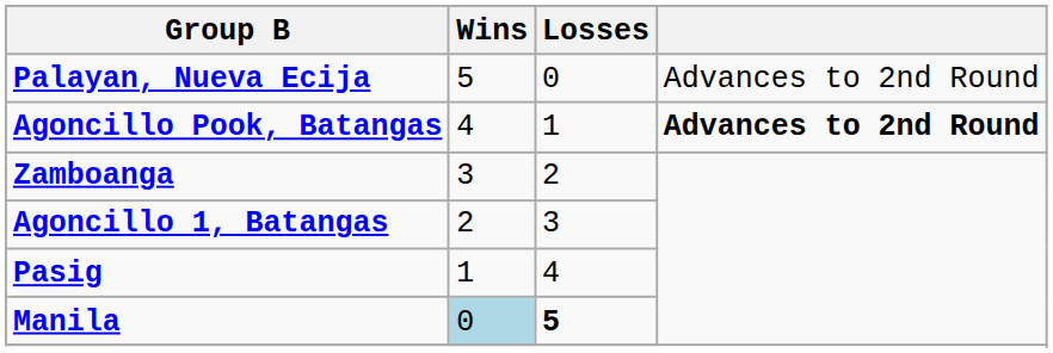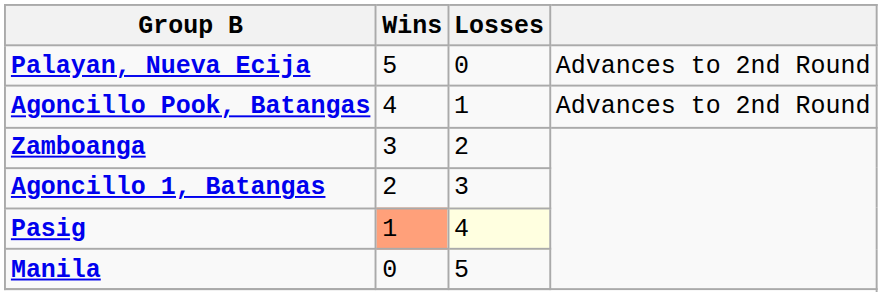 <table class="wikitable">
 <tr align=center>
 <th>Group B</th>
 <th>Wins</th>
 <th>Losses</th>
 <th></th>
 </tr>
 <tr>
 <td><strong><a href='#'>Palayan, Nueva Ecija</a></strong></td>
 <td>5</td>
 <td>0</td>
 <td>Advances to 2nd Round</td>
 </tr>
 <tr>
 <td><strong><a href='#'>Agoncillo Pook, Batangas</a></strong></td>
 <td>4</td>
 <td>1</td>
-<td><strong>Advances to 2nd Round</strong></td>
+<td>Advances to 2nd Round</td>
 </tr>
 <tr>
 <td><strong><a href='#'>Zamboanga</a></strong></td>
 <td>3</td>
 <td>2</td>
 </tr>
 <tr>
 <td><strong><a href='#'>Agoncillo 1, Batangas</a></strong></td>
 <td>2</td>
 <td>3</td>
 </tr>
 <tr>
 <td><strong><a href='#'>Pasig</a></strong></td>
-<td>1</td>
-<td>4</td>
+<td style="background: lightsalmon;">1</td>
+<td style="background: lightyellow;">4</td>
 </tr>
 <tr>
 <td><strong><a href='#'>Manila</a></strong></td>
-<td style="background: lightblue;">0</td>
-<td><strong>5</strong></td>
+<td>0</td>
+<td>5</td>
 </tr>
 <tr>
 </tr>
 </table>
